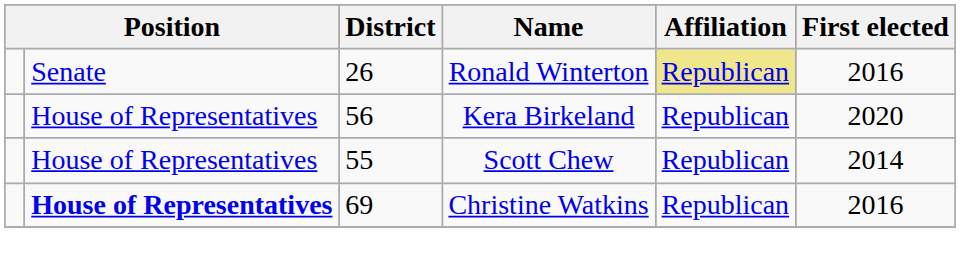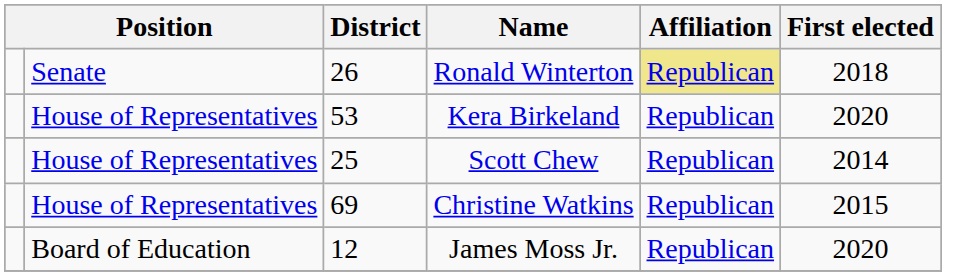 <table class="wikitable">
 <tr>
 <th colspan="2" style="text-align:center; vertical-align:bottom;">Position</th>
 <th>District</th>
 <th style="text-align:center;">Name</th>
 <th valign="bottom">Affiliation</th>
 <th style="vertical-align:bottom; text-align:center;">First elected</th>
 </tr>
 <tr>
 <td style="background-color:"> </td>
 <td><a href='#'>Senate</a></td>
 <td>26</td>
 <td style="text-align:center;"><a href='#'>Ronald Winterton</a></td>
 <td style="background: khaki; text-align:center;"><a href='#'>Republican</a></td>
-<td style="text-align:center;">2016</td>
+<td style="text-align:center;">2018</td>
 </tr>
 <tr>
 <td style="background-color:"> </td>
 <td><a href='#'>House of Representatives</a></td>
-<td>56</td>
+<td>53</td>
 <td style="text-align:center;"><a href='#'>Kera Birkeland</a></td>
 <td style="text-align:center;"><a href='#'>Republican</a></td>
 <td style="text-align:center;">2020</td>
 </tr>
 <tr>
 <td style="background-color:"> </td>
 <td><a href='#'>House of Representatives</a></td>
-<td>55</td>
+<td>25</td>
 <td style="text-align:center;"><a href='#'>Scott Chew</a></td>
 <td style="text-align:center;"><a href='#'>Republican</a></td>
 <td style="text-align:center;">2014</td>
 </tr>
 <tr>
 <td style="background-color:"> </td>
-<td><strong><a href='#'>House of Representatives</a></strong></td>
+<td><a href='#'>House of Representatives</a></td>
 <td>69</td>
 <td style="text-align:center;"><a href='#'>Christine Watkins</a></td>
 <td style="text-align:center;"><a href='#'>Republican</a></td>
-<td style="text-align:center;">2016</td>
+<td style="text-align:center;">2015</td>
+</tr>
+<tr>
+<td style="background-color:"> </td>
+<td>Board of Education</td>
+<td>12</td>
+<td style="text-align:center;">James Moss Jr.</td>
+<td style="text-align:center;"><a href='#'>Republican</a></td>
+<td style="text-align:center;">2020</td>
 </tr>
 <tr>
 </tr>
 </table>
